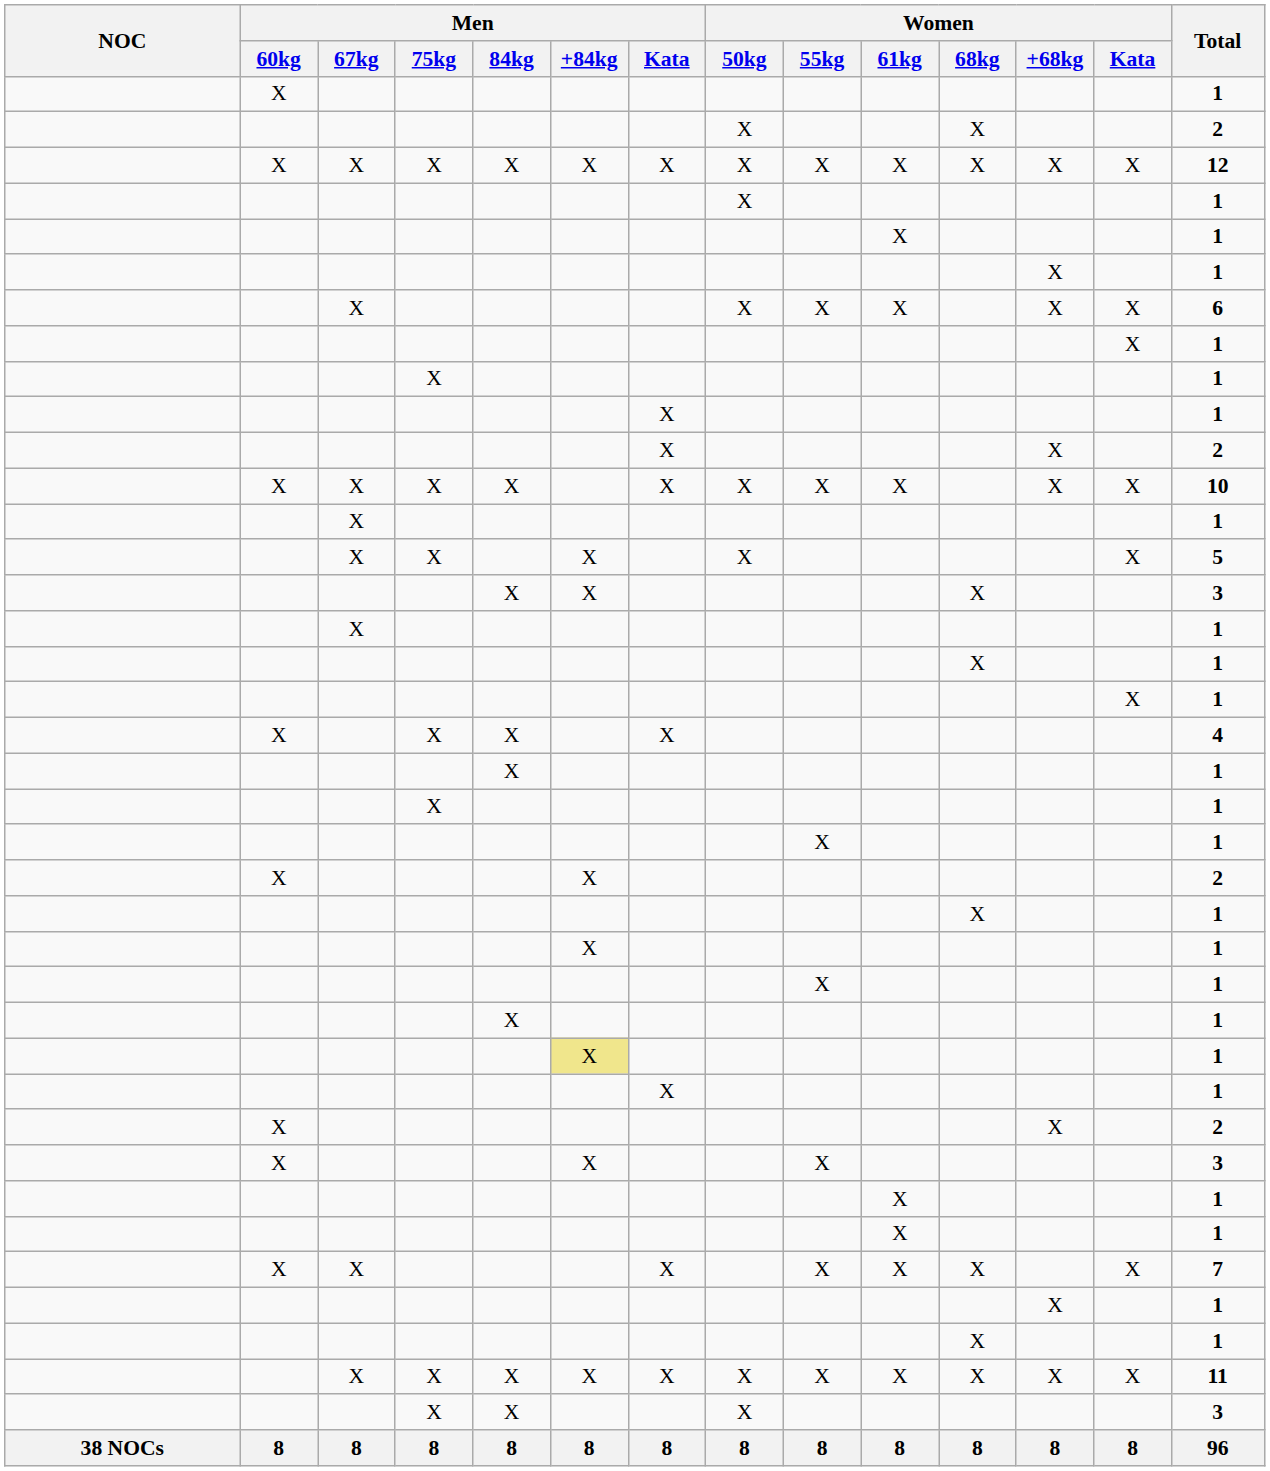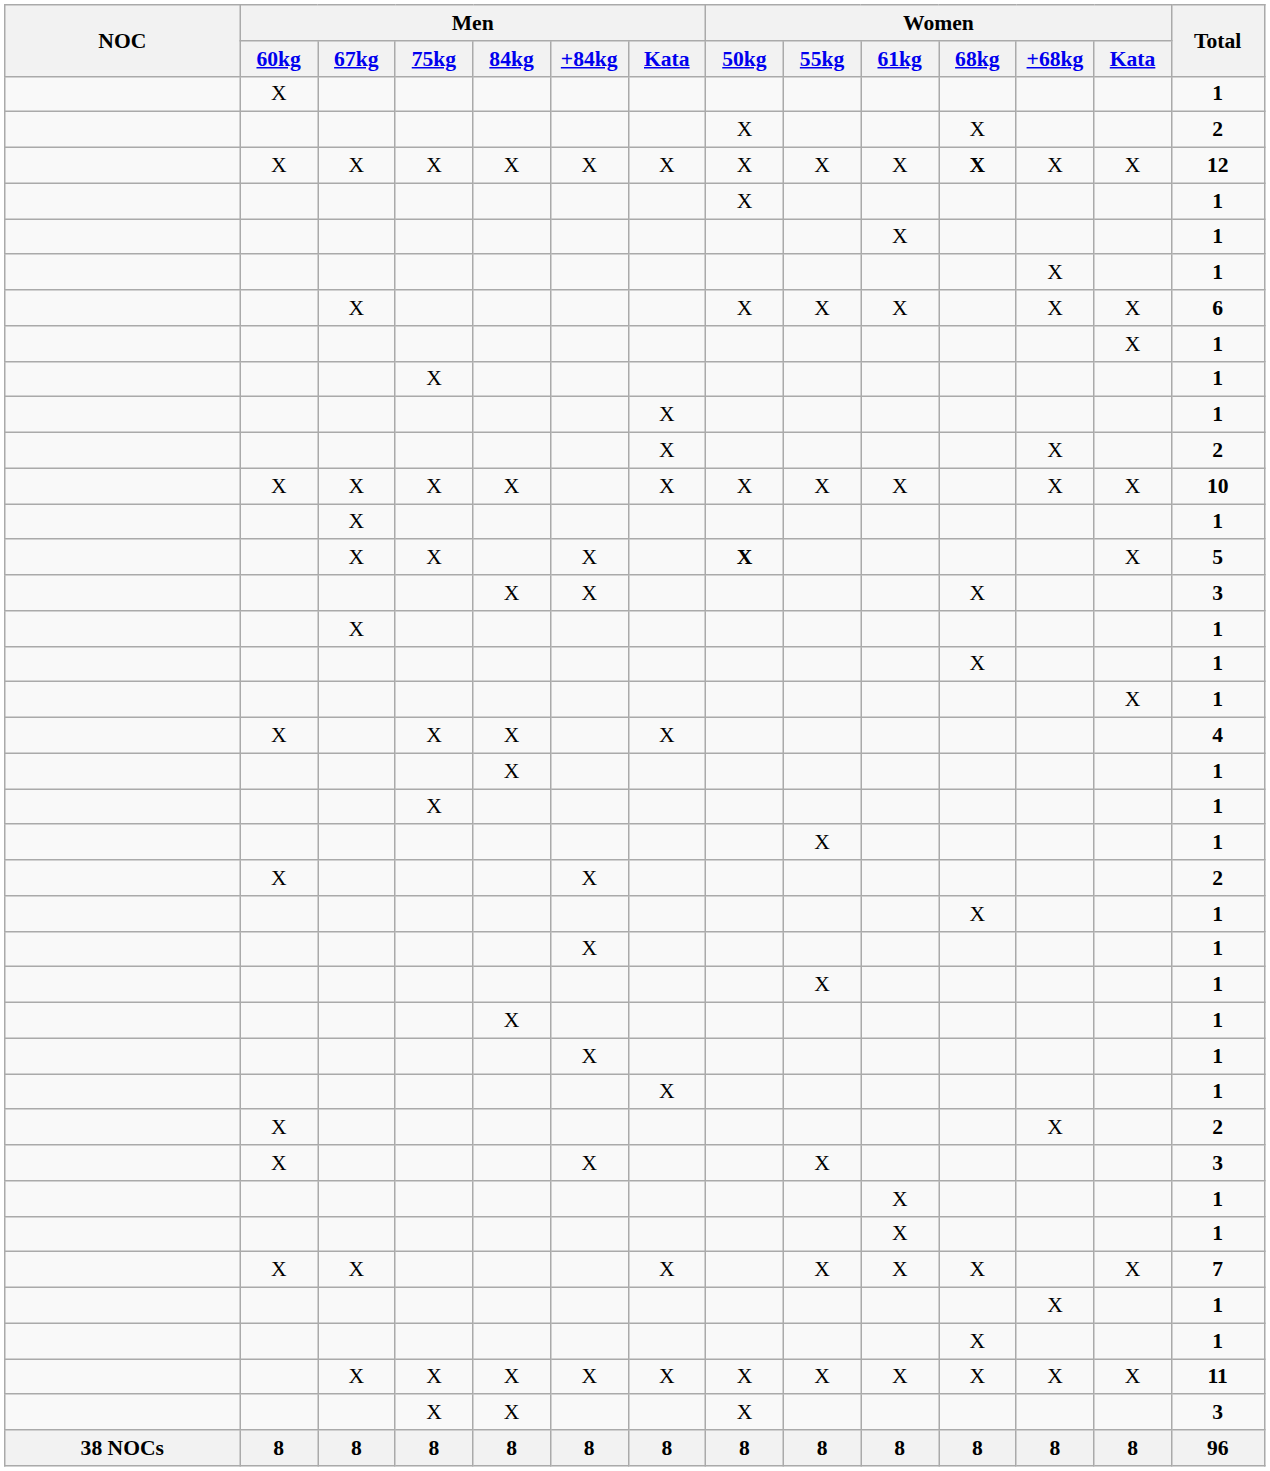 <table class="wikitable" style="text-align:center; font-size:90%">
 <tr>
 <th rowspan="2" width=150 align=left>NOC</th>
 <th colspan="6">Men</th>
 <th colspan="6">Women</th>
 <th width=55 rowspan="2">Total</th>
 </tr>
 <tr>
 <th width=45><a href='#'>60kg</a></th>
 <th width=45><a href='#'>67kg</a></th>
 <th width=45><a href='#'>75kg</a></th>
 <th width=45><a href='#'>84kg</a></th>
 <th width=45><a href='#'>+84kg</a></th>
 <th width=45><a href='#'>Kata</a></th>
 <th width=45><a href='#'>50kg</a></th>
 <th width=45><a href='#'>55kg</a></th>
 <th width=45><a href='#'>61kg</a></th>
 <th width=45><a href='#'>68kg</a></th>
 <th width=45><a href='#'>+68kg</a></th>
 <th width=45><a href='#'>Kata</a></th>
 </tr>
 <tr>
 <td align=left></td>
 <td>X</td>
 <td></td>
 <td></td>
 <td></td>
 <td></td>
 <td></td>
 <td></td>
 <td></td>
 <td></td>
 <td></td>
 <td></td>
 <td></td>
 <td><strong>1</strong></td>
 </tr>
 <tr>
 <td align=left></td>
 <td></td>
 <td></td>
 <td></td>
 <td></td>
 <td></td>
 <td></td>
 <td>X</td>
 <td></td>
 <td></td>
 <td>X</td>
 <td></td>
 <td></td>
 <td><strong>2</strong></td>
 </tr>
 <tr>
 <td align=left></td>
 <td>X</td>
 <td>X</td>
 <td>X</td>
 <td>X</td>
 <td>X</td>
 <td>X</td>
 <td>X</td>
 <td>X</td>
 <td>X</td>
-<td>X</td>
+<td><strong>X</strong></td>
 <td>X</td>
 <td>X</td>
 <td><strong>12</strong></td>
 </tr>
 <tr>
 <td align=left></td>
 <td></td>
 <td></td>
 <td></td>
 <td></td>
 <td></td>
 <td></td>
 <td>X</td>
 <td></td>
 <td></td>
 <td></td>
 <td></td>
 <td></td>
 <td><strong>1</strong></td>
 </tr>
 <tr>
 <td align=left></td>
 <td></td>
 <td></td>
 <td></td>
 <td></td>
 <td></td>
 <td></td>
 <td></td>
 <td></td>
 <td>X</td>
 <td></td>
 <td></td>
 <td></td>
 <td><strong>1</strong></td>
 </tr>
 <tr>
 <td align=left></td>
 <td></td>
 <td></td>
 <td></td>
 <td></td>
 <td></td>
 <td></td>
 <td></td>
 <td></td>
 <td></td>
 <td></td>
 <td>X</td>
 <td></td>
 <td><strong>1</strong></td>
 </tr>
 <tr>
 <td align=left></td>
 <td></td>
 <td>X</td>
 <td></td>
 <td></td>
 <td></td>
 <td></td>
 <td>X</td>
 <td>X</td>
 <td>X</td>
 <td></td>
 <td>X</td>
 <td>X</td>
 <td><strong>6</strong></td>
 </tr>
 <tr>
 <td align=left></td>
 <td></td>
 <td></td>
 <td></td>
 <td></td>
 <td></td>
 <td></td>
 <td></td>
 <td></td>
 <td></td>
 <td></td>
 <td></td>
 <td>X</td>
 <td><strong>1</strong></td>
 </tr>
 <tr>
 <td align=left></td>
 <td></td>
 <td></td>
 <td>X</td>
 <td></td>
 <td></td>
 <td></td>
 <td></td>
 <td></td>
 <td></td>
 <td></td>
 <td></td>
 <td></td>
 <td><strong>1</strong></td>
 </tr>
 <tr>
 <td align=left></td>
 <td></td>
 <td></td>
 <td></td>
 <td></td>
 <td></td>
 <td>X</td>
 <td></td>
 <td></td>
 <td></td>
 <td></td>
 <td></td>
 <td></td>
 <td><strong>1</strong></td>
 </tr>
 <tr>
 <td align=left></td>
 <td></td>
 <td></td>
 <td></td>
 <td></td>
 <td></td>
 <td>X</td>
 <td></td>
 <td></td>
 <td></td>
 <td></td>
 <td>X</td>
 <td></td>
 <td><strong>2</strong></td>
 </tr>
 <tr>
 <td align=left></td>
 <td>X</td>
 <td>X</td>
 <td>X</td>
 <td>X</td>
 <td></td>
 <td>X</td>
 <td>X</td>
 <td>X</td>
 <td>X</td>
 <td></td>
 <td>X</td>
 <td>X</td>
 <td><strong>10</strong></td>
 </tr>
 <tr>
 <td align=left></td>
 <td></td>
 <td>X</td>
 <td></td>
 <td></td>
 <td></td>
 <td></td>
 <td></td>
 <td></td>
 <td></td>
 <td></td>
 <td></td>
 <td></td>
 <td><strong>1</strong></td>
 </tr>
 <tr>
 <td align=left></td>
 <td></td>
 <td>X</td>
 <td>X</td>
 <td></td>
 <td>X</td>
 <td></td>
-<td>X</td>
+<td><strong>X</strong></td>
 <td></td>
 <td></td>
 <td></td>
 <td></td>
 <td>X</td>
 <td><strong>5</strong></td>
 </tr>
 <tr>
 <td align=left></td>
 <td></td>
 <td></td>
 <td></td>
 <td>X</td>
 <td>X</td>
 <td></td>
 <td></td>
 <td></td>
 <td></td>
 <td>X</td>
 <td></td>
 <td></td>
 <td><strong>3</strong></td>
 </tr>
 <tr>
 <td align=left></td>
 <td></td>
 <td>X</td>
 <td></td>
 <td></td>
 <td></td>
 <td></td>
 <td></td>
 <td></td>
 <td></td>
 <td></td>
 <td></td>
 <td></td>
 <td><strong>1</strong></td>
 </tr>
 <tr>
 <td align=left></td>
 <td></td>
 <td></td>
 <td></td>
 <td></td>
 <td></td>
 <td></td>
 <td></td>
 <td></td>
 <td></td>
 <td>X</td>
 <td></td>
 <td></td>
 <td><strong>1</strong></td>
 </tr>
 <tr>
 <td align=left></td>
 <td></td>
 <td></td>
 <td></td>
 <td></td>
 <td></td>
 <td></td>
 <td></td>
 <td></td>
 <td></td>
 <td></td>
 <td></td>
 <td>X</td>
 <td><strong>1</strong></td>
 </tr>
 <tr>
 <td align=left></td>
 <td>X</td>
 <td></td>
 <td>X</td>
 <td>X</td>
 <td></td>
 <td>X</td>
 <td></td>
 <td></td>
 <td></td>
 <td></td>
 <td></td>
 <td></td>
 <td><strong>4</strong></td>
 </tr>
 <tr>
 <td align=left></td>
 <td></td>
 <td></td>
 <td></td>
 <td>X</td>
 <td></td>
 <td></td>
 <td></td>
 <td></td>
 <td></td>
 <td></td>
 <td></td>
 <td></td>
 <td><strong>1</strong></td>
 </tr>
 <tr>
 <td align=left></td>
 <td></td>
 <td></td>
 <td>X</td>
 <td></td>
 <td></td>
 <td></td>
 <td></td>
 <td></td>
 <td></td>
 <td></td>
 <td></td>
 <td></td>
 <td><strong>1</strong></td>
 </tr>
 <tr>
 <td align=left></td>
 <td></td>
 <td></td>
 <td></td>
 <td></td>
 <td></td>
 <td></td>
 <td></td>
 <td>X</td>
 <td></td>
 <td></td>
 <td></td>
 <td></td>
 <td><strong>1</strong></td>
 </tr>
 <tr>
 <td align=left></td>
 <td>X</td>
 <td></td>
 <td></td>
 <td></td>
 <td>X</td>
 <td></td>
 <td></td>
 <td></td>
 <td></td>
 <td></td>
 <td></td>
 <td></td>
 <td><strong>2</strong></td>
 </tr>
 <tr>
 <td align=left></td>
 <td></td>
 <td></td>
 <td></td>
 <td></td>
 <td></td>
 <td></td>
 <td></td>
 <td></td>
 <td></td>
 <td>X</td>
 <td></td>
 <td></td>
 <td><strong>1</strong></td>
 </tr>
 <tr>
 <td align=left></td>
 <td></td>
 <td></td>
 <td></td>
 <td></td>
 <td>X</td>
 <td></td>
 <td></td>
 <td></td>
 <td></td>
 <td></td>
 <td></td>
 <td></td>
 <td><strong>1</strong></td>
 </tr>
 <tr>
 <td align=left></td>
 <td></td>
 <td></td>
 <td></td>
 <td></td>
 <td></td>
 <td></td>
 <td></td>
 <td>X</td>
 <td></td>
 <td></td>
 <td></td>
 <td></td>
 <td><strong>1</strong></td>
 </tr>
 <tr>
 <td align=left></td>
 <td></td>
 <td></td>
 <td></td>
 <td>X</td>
 <td></td>
 <td></td>
 <td></td>
 <td></td>
 <td></td>
 <td></td>
 <td></td>
 <td></td>
 <td><strong>1</strong></td>
 </tr>
 <tr>
 <td align=left></td>
 <td></td>
 <td></td>
 <td></td>
 <td></td>
-<td style="background: khaki;">X</td>
+<td>X</td>
 <td></td>
 <td></td>
 <td></td>
 <td></td>
 <td></td>
 <td></td>
 <td></td>
 <td><strong>1</strong></td>
 </tr>
 <tr>
 <td align=left></td>
 <td></td>
 <td></td>
 <td></td>
 <td></td>
 <td></td>
 <td>X</td>
 <td></td>
 <td></td>
 <td></td>
 <td></td>
 <td></td>
 <td></td>
 <td><strong>1</strong></td>
 </tr>
 <tr>
 <td align=left></td>
 <td>X</td>
 <td></td>
 <td></td>
 <td></td>
 <td></td>
 <td></td>
 <td></td>
 <td></td>
 <td></td>
 <td></td>
 <td>X</td>
 <td></td>
 <td><strong>2</strong></td>
 </tr>
 <tr>
 <td align=left></td>
 <td>X</td>
 <td></td>
 <td></td>
 <td></td>
 <td>X</td>
 <td></td>
 <td></td>
 <td>X</td>
 <td></td>
 <td></td>
 <td></td>
 <td></td>
 <td><strong>3</strong></td>
 </tr>
 <tr>
 <td align=left></td>
 <td></td>
 <td></td>
 <td></td>
 <td></td>
 <td></td>
 <td></td>
 <td></td>
 <td></td>
 <td>X</td>
 <td></td>
 <td></td>
 <td></td>
 <td><strong>1</strong></td>
 </tr>
 <tr>
 <td align=left></td>
 <td></td>
 <td></td>
 <td></td>
 <td></td>
 <td></td>
 <td></td>
 <td></td>
 <td></td>
 <td>X</td>
 <td></td>
 <td></td>
 <td></td>
 <td><strong>1</strong></td>
 </tr>
 <tr>
 <td align=left></td>
 <td>X</td>
 <td>X</td>
 <td></td>
 <td></td>
 <td></td>
 <td>X</td>
 <td></td>
 <td>X</td>
 <td>X</td>
 <td>X</td>
 <td></td>
 <td>X</td>
 <td><strong>7</strong></td>
 </tr>
 <tr>
 <td align=left></td>
 <td></td>
 <td></td>
 <td></td>
 <td></td>
 <td></td>
 <td></td>
 <td></td>
 <td></td>
 <td></td>
 <td></td>
 <td>X</td>
 <td></td>
 <td><strong>1</strong></td>
 </tr>
 <tr>
 <td align=left></td>
 <td></td>
 <td></td>
 <td></td>
 <td></td>
 <td></td>
 <td></td>
 <td></td>
 <td></td>
 <td></td>
 <td>X</td>
 <td></td>
 <td></td>
 <td><strong>1</strong></td>
 </tr>
 <tr>
 <td align=left></td>
 <td></td>
 <td>X</td>
 <td>X</td>
 <td>X</td>
 <td>X</td>
 <td>X</td>
 <td>X</td>
 <td>X</td>
 <td>X</td>
 <td>X</td>
 <td>X</td>
 <td>X</td>
 <td><strong>11</strong></td>
 </tr>
 <tr>
 <td align=left></td>
 <td></td>
 <td></td>
 <td>X</td>
 <td>X</td>
 <td></td>
 <td></td>
 <td>X</td>
 <td></td>
 <td></td>
 <td></td>
 <td></td>
 <td></td>
 <td><strong>3</strong></td>
 </tr>
 <tr>
 <th>38 NOCs</th>
 <th>8</th>
 <th>8</th>
 <th>8</th>
 <th>8</th>
 <th>8</th>
 <th>8</th>
 <th>8</th>
 <th>8</th>
 <th>8</th>
 <th>8</th>
 <th>8</th>
 <th>8</th>
 <th>96</th>
 </tr>
 </table>
